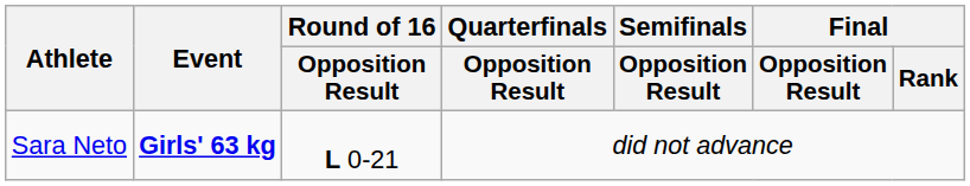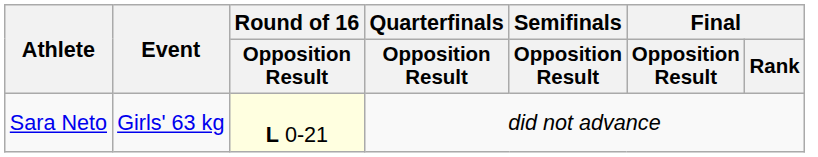 <table class="wikitable" style="font-size:90%;">
 <tr>
 <th rowspan=2>Athlete</th>
 <th rowspan=2>Event</th>
 <th>Round of 16</th>
 <th>Quarterfinals</th>
 <th>Semifinals</th>
 <th colspan=2>Final</th>
 </tr>
 <tr style="font-size:95%">
 <th>Opposition<br>Result</th>
 <th>Opposition<br>Result</th>
 <th>Opposition<br>Result</th>
 <th>Opposition<br>Result</th>
 <th>Rank</th>
 </tr>
 <tr align=center>
 <td><a href='#'>Sara Neto</a></td>
-<td><strong><a href='#'>Girls' 63 kg</a></strong></td>
-<td><br> <strong>L</strong> 0-21</td>
+<td><a href='#'>Girls' 63 kg</a></td>
+<td style="background: lightyellow;"><br> <strong>L</strong> 0-21</td>
 <td colspan=4><em>did not advance</em></td>
 </tr>
 </table>
